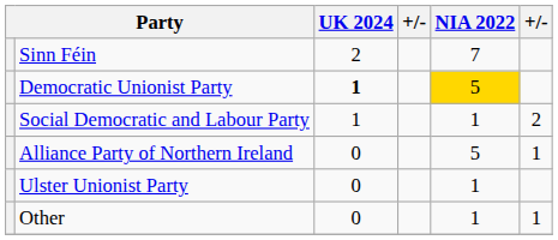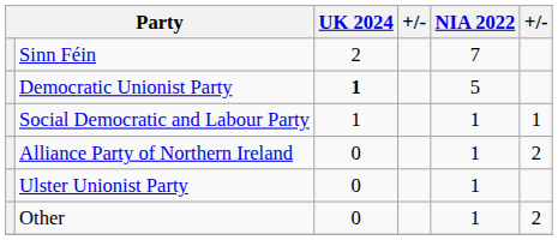 <table class="wikitable" style="font-size: 95%;">
 <tr>
 <th colspan=2>Party</th>
 <th><a href='#'>UK 2024</a></th>
 <th>+/-</th>
 <th><a href='#'>NIA 2022</a></th>
 <th>+/-</th>
 </tr>
 <tr>
 <th style="background-color: "></th>
 <td><a href='#'>Sinn Féin</a></td>
 <td align="center">2</td>
 <td align="center"></td>
 <td align="center">7</td>
 <td align="center"></td>
 </tr>
 <tr>
 <th style="background-color: "></th>
 <td><a href='#'>Democratic Unionist Party</a></td>
 <td align="center"><strong>1</strong></td>
 <td align="center"></td>
-<td align="center" style="background: gold;">5</td>
+<td align="center">5</td>
 <td align="center"></td>
 </tr>
 <tr>
 <th style="background-color: "></th>
 <td><a href='#'>Social Democratic and Labour Party</a></td>
 <td align="center">1</td>
 <td align="center"></td>
 <td align="center">1</td>
-<td align="center"> 2</td>
+<td align="center"> 1</td>
 </tr>
 <tr>
 <th style="background-color: "></th>
 <td><a href='#'>Alliance Party of Northern Ireland</a></td>
 <td align="center">0</td>
 <td align="center"></td>
-<td align="center">5</td>
-<td align="center"> 1</td>
+<td align="center">1</td>
+<td align="center"> 2</td>
 </tr>
 <tr>
 <th style="background-color: "></th>
 <td><a href='#'>Ulster Unionist Party</a></td>
 <td align="center">0</td>
 <td align="center"></td>
 <td align="center">1</td>
 <td align="center"></td>
 </tr>
 <tr>
 <th style="background-color: "></th>
 <td>Other</td>
 <td align="center">0</td>
 <td align="center"></td>
 <td align="center">1</td>
-<td align="center"> 1</td>
+<td align="center"> 2</td>
 </tr>
 <tr>
 </tr>
 </table>
